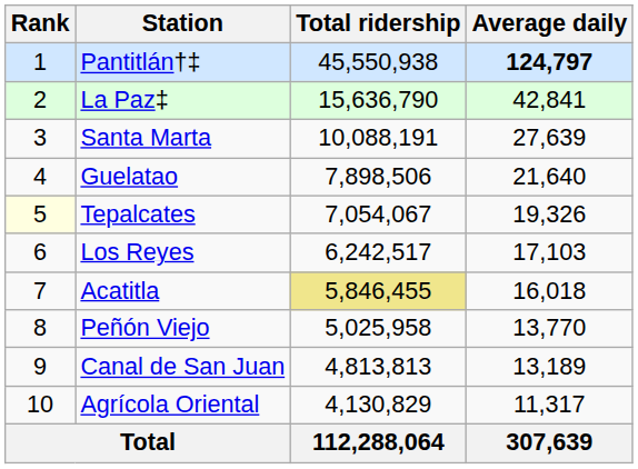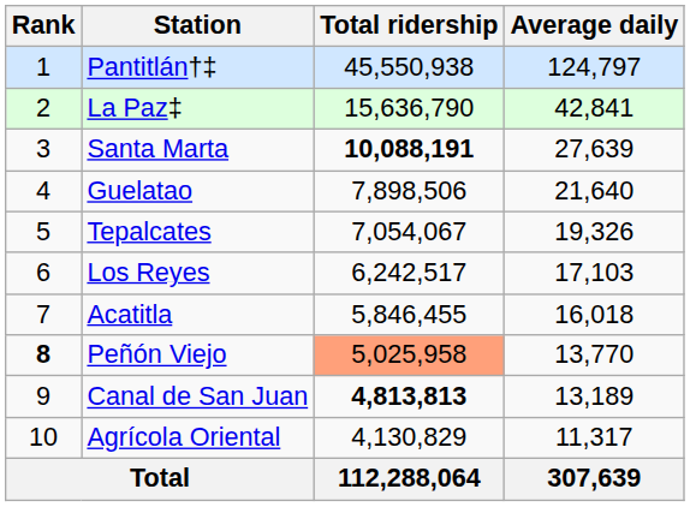 <table class=wikitable style="text-align:center">
 <tr>
 <th>Rank</th>
 <th>Station</th>
 <th>Total ridership</th>
 <th>Average daily</th>
 </tr>
 <tr style="background-color:#D0E7FF">
 <td>1</td>
 <td align=left><a href='#'>Pantitlán</a>†‡</td>
 <td>45,550,938</td>
-<td><strong>124,797</strong></td>
+<td>124,797</td>
 </tr>
 <tr style="background-color:#DDFFDD">
 <td>2</td>
 <td align=left><a href='#'>La Paz</a>‡</td>
 <td>15,636,790</td>
 <td>42,841</td>
 </tr>
 <tr>
 <td>3</td>
 <td align=left><a href='#'>Santa Marta</a></td>
-<td>10,088,191</td>
+<td><strong>10,088,191</strong></td>
 <td>27,639</td>
 </tr>
 <tr>
 <td>4</td>
 <td align=left><a href='#'>Guelatao</a></td>
 <td>7,898,506</td>
 <td>21,640</td>
 </tr>
 <tr>
-<td style="background: lightyellow;">5</td>
+<td>5</td>
 <td align=left><a href='#'>Tepalcates</a></td>
 <td>7,054,067</td>
 <td>19,326</td>
 </tr>
 <tr>
 <td>6</td>
 <td align=left><a href='#'>Los Reyes</a></td>
 <td>6,242,517</td>
 <td>17,103</td>
 </tr>
 <tr>
 <td>7</td>
 <td align=left><a href='#'>Acatitla</a></td>
-<td style="background: khaki;">5,846,455</td>
+<td>5,846,455</td>
 <td>16,018</td>
 </tr>
 <tr>
-<td>8</td>
+<td><strong>8</strong></td>
 <td align=left><a href='#'>Peñón Viejo</a></td>
-<td>5,025,958</td>
+<td style="background: lightsalmon;">5,025,958</td>
 <td>13,770</td>
 </tr>
 <tr>
 <td>9</td>
 <td align=left><a href='#'>Canal de San Juan</a></td>
-<td>4,813,813</td>
+<td><strong>4,813,813</strong></td>
 <td>13,189</td>
 </tr>
 <tr>
 <td>10</td>
 <td align=left><a href='#'>Agrícola Oriental</a></td>
 <td>4,130,829</td>
 <td>11,317</td>
 </tr>
 <tr>
 <th colspan=2>Total</th>
 <th>112,288,064</th>
 <th>307,639</th>
 </tr>
 </table>
